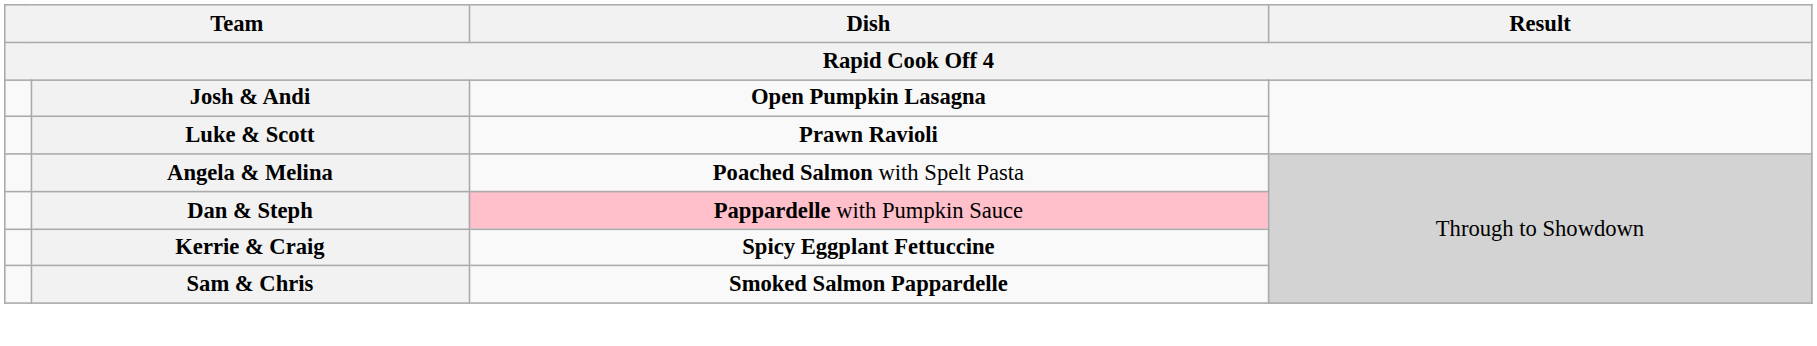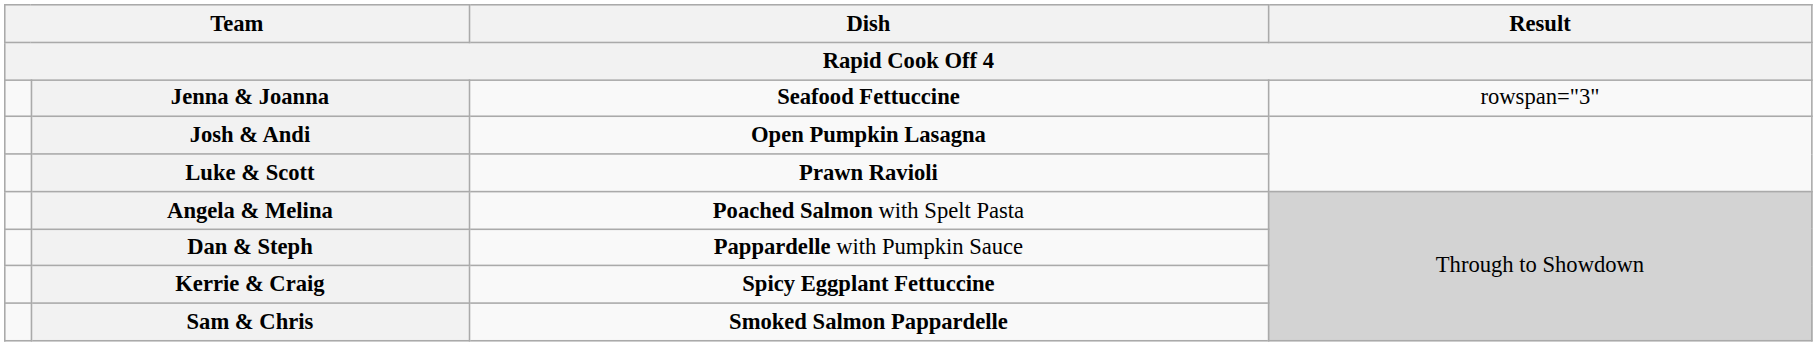 <table class="wikitable plainrowheaders" style="margin:1em auto; text-align:center; font-size:90%; width:80em;">
 <tr>
 <th colspan="2">Team</th>
 <th>Dish</th>
 <th>Result</th>
 </tr>
 <tr>
 <th colspan="4" >Rapid Cook Off 4</th>
+</tr>
+<tr>
+<td></td>
+<th>Jenna & Joanna</th>
+<td><strong>Seafood Fettuccine</strong></td>
+<td>rowspan="3" </td>
 </tr>
 <tr>
 <td></td>
 <th>Josh & Andi</th>
 <td><strong>Open Pumpkin Lasagna</strong></td>
 </tr>
 <tr>
 <td></td>
 <th>Luke & Scott</th>
 <td><strong>Prawn Ravioli</strong></td>
 </tr>
 <tr>
 <td></td>
 <th>Angela & Melina</th>
 <td><strong>Poached Salmon</strong> with Spelt Pasta</td>
 <td rowspan="4" bgcolor=lightgray>Through to Showdown</td>
 </tr>
 <tr>
 <td></td>
 <th>Dan & Steph</th>
-<td style="background: pink;"><strong>Pappardelle</strong> with Pumpkin Sauce</td>
+<td><strong>Pappardelle</strong> with Pumpkin Sauce</td>
 </tr>
 <tr>
 <td></td>
 <th>Kerrie & Craig</th>
 <td><strong>Spicy Eggplant Fettuccine</strong></td>
 </tr>
 <tr>
 <td></td>
 <th>Sam & Chris</th>
 <td><strong>Smoked Salmon Pappardelle</strong></td>
 </tr>
 </table>
